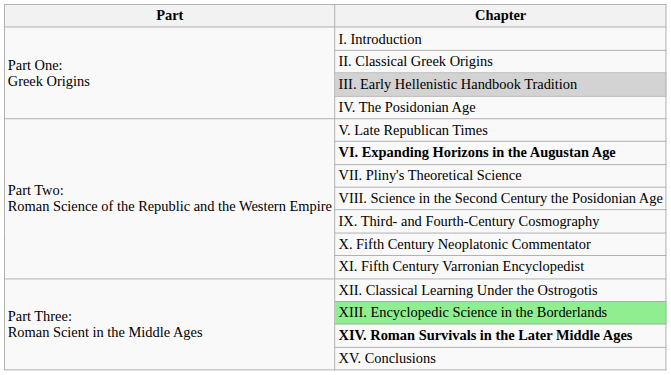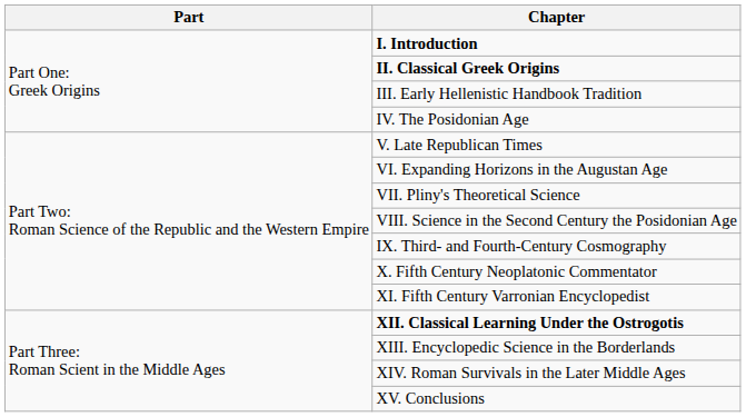 <table class="wikitable">
 <tr>
 <th>Part</th>
 <th>Chapter<br></th>
 </tr>
 <tr>
 <td rowspan=4>Part One:<br>Greek Origins</td>
-<td>I. Introduction</td>
+<td><strong>I. Introduction</strong></td>
 </tr>
 <tr>
-<td>II. Classical Greek Origins</td>
+<td><strong>II. Classical Greek Origins</strong></td>
 </tr>
 <tr>
-<td style="background: lightgrey;">III. Early Hellenistic Handbook Tradition</td>
+<td>III. Early Hellenistic Handbook Tradition</td>
 </tr>
 <tr>
 <td>IV. The Posidonian Age<br></td>
 </tr>
 <tr>
 <td rowspan=7>Part Two:<br>Roman Science of the Republic and the Western Empire</td>
 <td>V. Late Republican Times</td>
 </tr>
 <tr>
-<td><strong>VI. Expanding Horizons in the Augustan Age</strong></td>
+<td>VI. Expanding Horizons in the Augustan Age</td>
 </tr>
 <tr>
 <td>VII. Pliny's Theoretical Science</td>
 </tr>
 <tr>
 <td>VIII. Science in the Second Century the Posidonian Age</td>
 </tr>
 <tr>
 <td>IX. Third- and Fourth-Century Cosmography</td>
 </tr>
 <tr>
 <td>X. Fifth Century Neoplatonic Commentator</td>
 </tr>
 <tr>
 <td>XI. Fifth Century Varronian Encyclopedist<br></td>
 </tr>
 <tr>
 <td rowspan=4>Part Three:<br>Roman Scient in the Middle Ages</td>
-<td>XII. Classical Learning Under the Ostrogotis</td>
+<td><strong>XII. Classical Learning Under the Ostrogotis</strong></td>
 </tr>
 <tr>
-<td style="background: lightgreen;">XIII. Encyclopedic Science in the Borderlands</td>
+<td>XIII. Encyclopedic Science in the Borderlands</td>
 </tr>
 <tr>
-<td><strong>XIV. Roman Survivals in the Later Middle Ages</strong></td>
+<td>XIV. Roman Survivals in the Later Middle Ages</td>
 </tr>
 <tr>
 <td>XV. Conclusions</td>
 </tr>
 </table>
